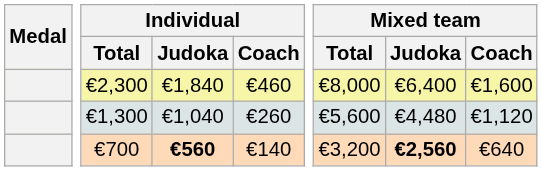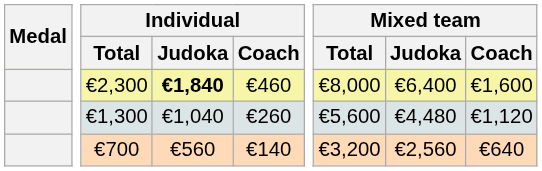 <table class=wikitable style="border: none; background: none; text-align:center;">
 <tr>
 <th rowspan=2>Medal</th>
 <td rowspan=5 style="width:1; border: none; background: none;"></td>
 <th colspan=3>Individual</th>
 <td rowspan=5 style="width:1; border: none; background: none;"></td>
 <th colspan=3>Mixed team</th>
 </tr>
 <tr>
 <th>Total</th>
 <th>Judoka</th>
 <th>Coach</th>
 <th>Total</th>
 <th>Judoka</th>
 <th>Coach</th>
 </tr>
 <tr bgcolor=F7F6A8>
 <th></th>
 <td>€2,300</td>
-<td>€1,840</td>
+<td><strong>€1,840</strong></td>
 <td>€460</td>
 <td>€8,000</td>
 <td>€6,400</td>
 <td>€1,600</td>
 </tr>
 <tr bgcolor=DCE5E5>
 <th></th>
 <td>€1,300</td>
 <td>€1,040</td>
 <td>€260</td>
 <td>€5,600</td>
 <td>€4,480</td>
 <td>€1,120</td>
 </tr>
 <tr bgcolor=FFDAB9>
 <th></th>
 <td>€700</td>
-<td><strong>€560</strong></td>
+<td>€560</td>
 <td>€140</td>
 <td>€3,200</td>
-<td><strong>€2,560</strong></td>
+<td>€2,560</td>
 <td>€640</td>
 </tr>
 </table>
